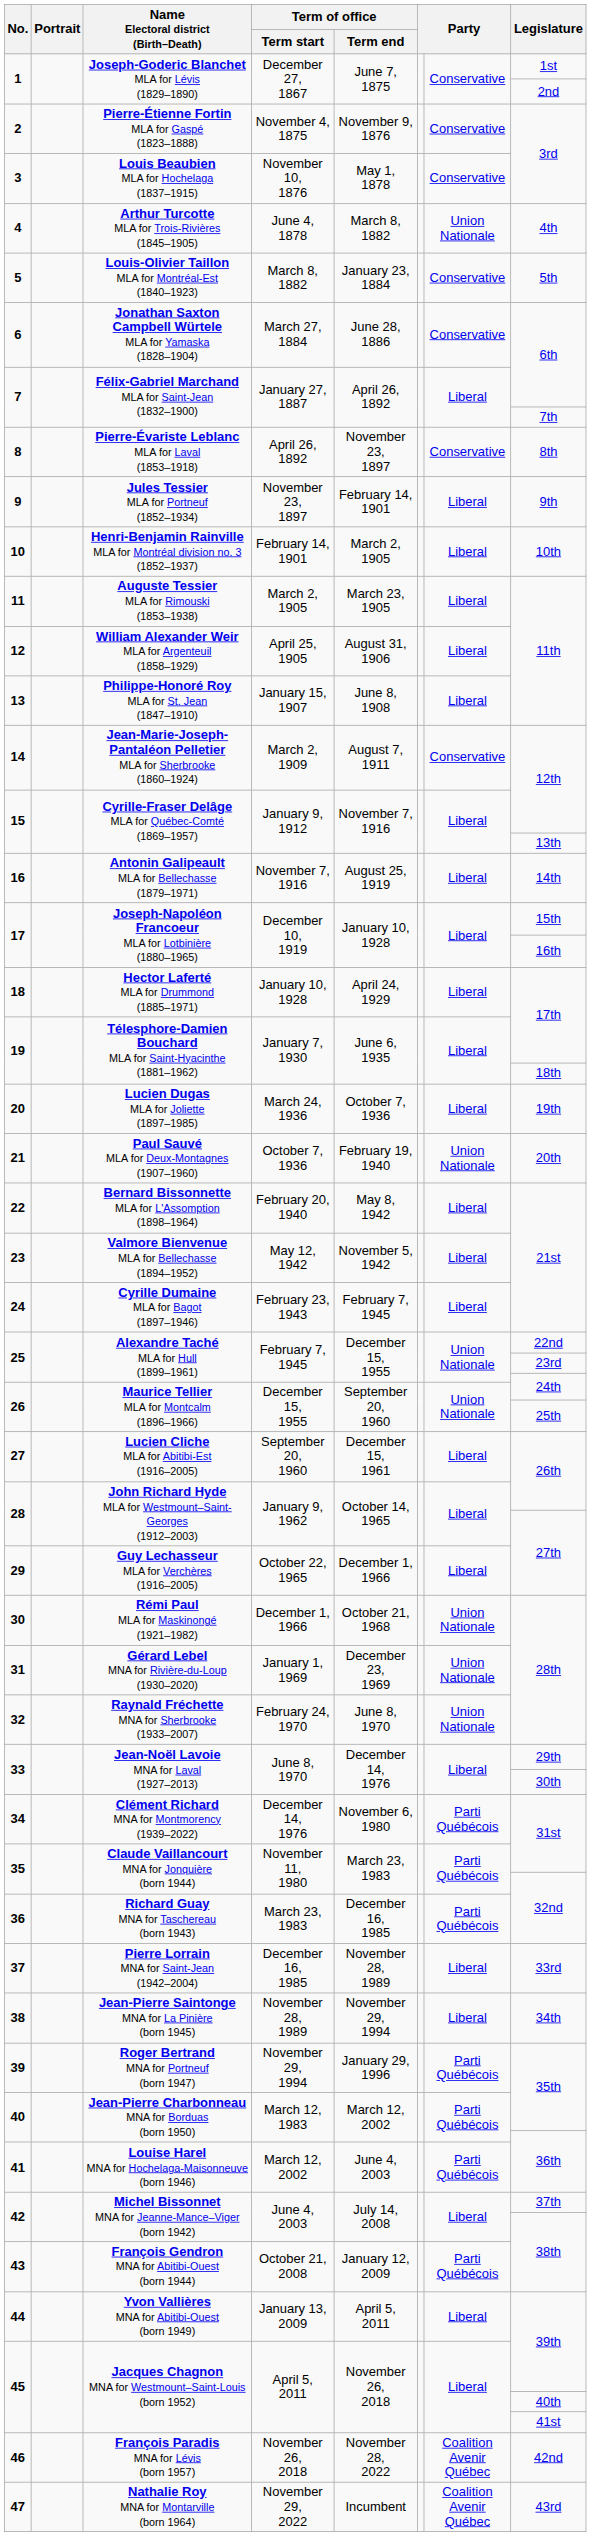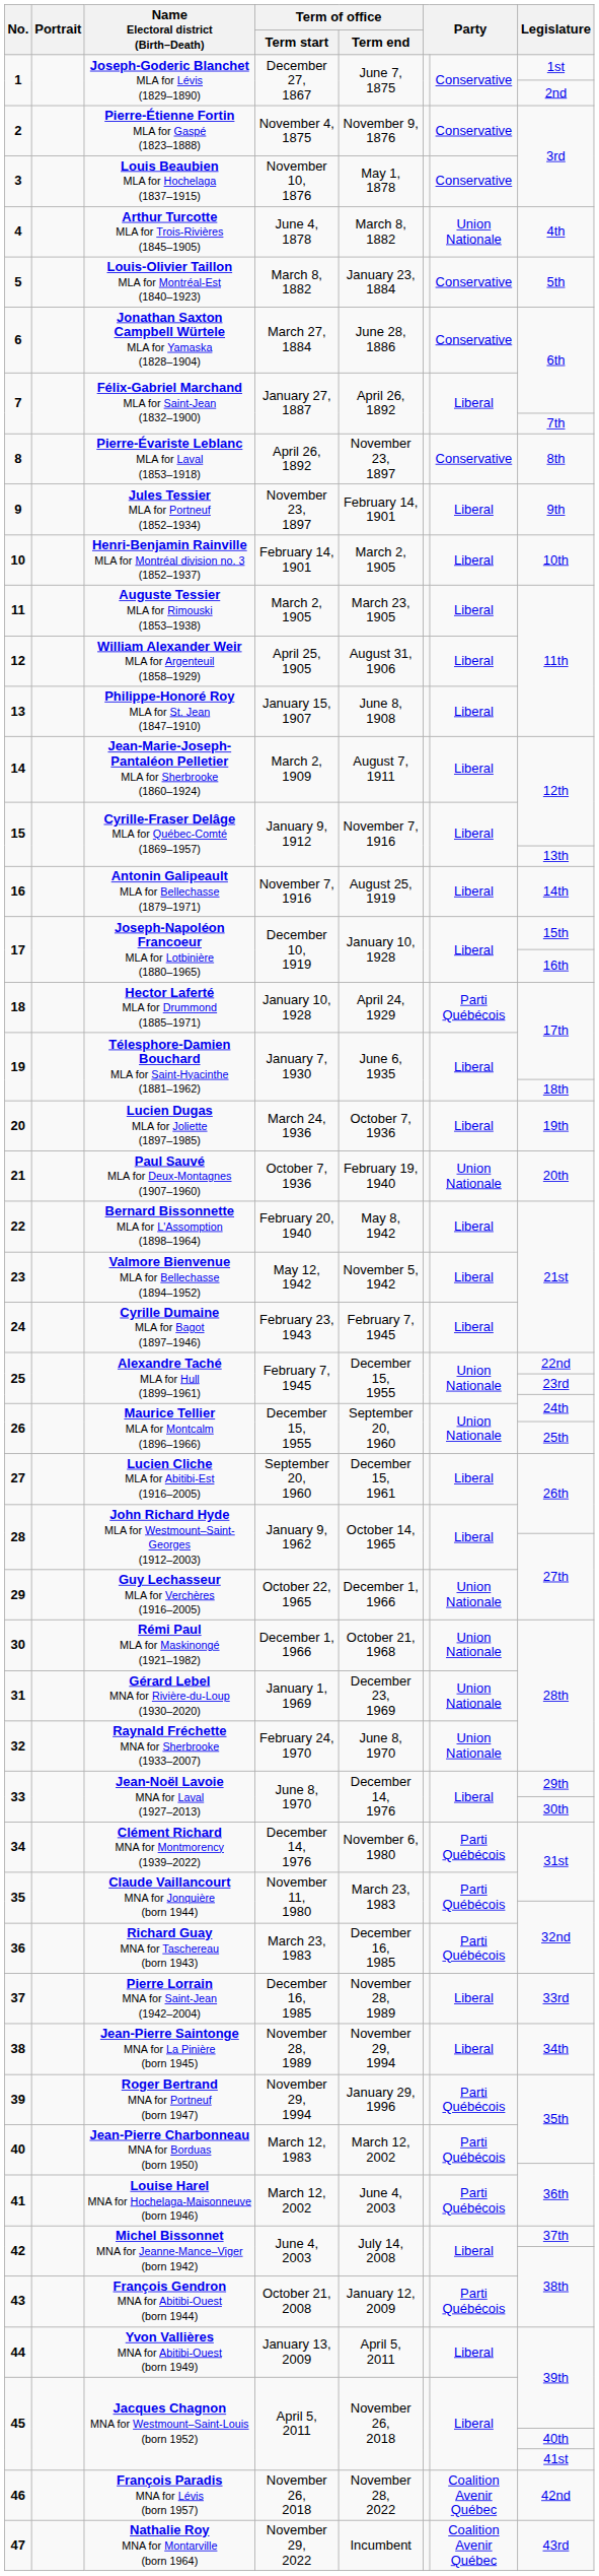 <table class="wikitable" style="text-align:center">
 <tr>
 <th rowspan="2">No.</th>
 <th rowspan="2" scope="col">Portrait</th>
 <th rowspan="2" scope="col" width="200px">Name<br><small>Electoral district<br>(Birth–Death)</small></th>
 <th colspan="2" scope="col" width="100px">Term of office</th>
 <th colspan="2" rowspan="2">Party</th>
 <th rowspan="2">Legislature</th>
 </tr>
 <tr>
 <th width="95px">Term start</th>
 <th width="95px">Term end</th>
 </tr>
 <tr>
 <td rowspan="2"><strong>1</strong></td>
 <td rowspan="2"></td>
 <td rowspan="2"><strong><a href='#'>Joseph-Goderic Blanchet</a></strong><br><small>MLA for <a href='#'>Lévis</a></small><br><small>(1829–1890)</small></td>
 <td rowspan="2">December 27,<br>1867</td>
 <td rowspan="2">June 7,<br>1875</td>
 <td rowspan="2" style="width:1px; background:"></td>
 <td rowspan="2" width="100px"><a href='#'>Conservative</a></td>
 <td><a href='#'>1st</a></td>
 </tr>
 <tr>
 <td><a href='#'>2nd</a></td>
 </tr>
 <tr>
 <td><strong>2</strong></td>
 <td></td>
 <td><strong><a href='#'>Pierre-Étienne Fortin</a></strong><br><small>MLA for <a href='#'>Gaspé</a></small><br><small>(1823–1888)</small></td>
 <td>November 4,<br>1875</td>
 <td>November 9,<br>1876</td>
 <td style="width:1px; background:"></td>
 <td><a href='#'>Conservative</a></td>
 <td rowspan="2"><a href='#'>3rd</a></td>
 </tr>
 <tr>
 <td><strong>3</strong></td>
 <td></td>
 <td><strong><a href='#'>Louis Beaubien</a></strong><br><small>MLA for <a href='#'>Hochelaga</a></small><br><small>(1837–1915)</small></td>
 <td>November 10,<br>1876</td>
 <td>May 1,<br>1878</td>
 <td style="width:1px; background:"></td>
 <td><a href='#'>Conservative</a></td>
 </tr>
 <tr>
 <td><strong>4</strong></td>
 <td></td>
 <td><strong><a href='#'>Arthur Turcotte</a></strong><br><small>MLA for <a href='#'>Trois-Rivières</a></small><br><small>(1845–1905)</small></td>
 <td>June 4,<br>1878</td>
 <td>March 8,<br>1882</td>
 <td style="width:1px; background:"></td>
 <td><a href='#'>Union Nationale</a></td>
 <td><a href='#'>4th</a></td>
 </tr>
 <tr>
 <td><strong>5</strong></td>
 <td></td>
 <td><strong><a href='#'>Louis-Olivier Taillon</a></strong><br><small>MLA for <a href='#'>Montréal-Est</a></small><br><small>(1840–1923)</small></td>
 <td>March 8,<br>1882</td>
 <td>January 23,<br>1884</td>
 <td style="width:1px; background:"></td>
 <td><a href='#'>Conservative</a></td>
 <td><a href='#'>5th</a></td>
 </tr>
 <tr>
 <td><strong>6</strong></td>
 <td></td>
 <td><strong><a href='#'>Jonathan Saxton Campbell Würtele</a></strong><br><small>MLA for <a href='#'>Yamaska</a></small><br><small>(1828–1904)</small></td>
 <td>March 27,<br>1884</td>
 <td>June 28,<br>1886</td>
 <td style="width:1px; background:"></td>
 <td><a href='#'>Conservative</a></td>
 <td rowspan="2"><a href='#'>6th</a></td>
 </tr>
 <tr style="height:49px">
 <td rowspan="2"><strong>7</strong></td>
 <td rowspan="2"></td>
 <td rowspan="2"><strong><a href='#'>Félix-Gabriel Marchand</a></strong><br><small>MLA for <a href='#'>Saint-Jean</a></small><br><small>(1832–1900)</small></td>
 <td rowspan="2">January 27,<br>1887</td>
 <td rowspan="2">April 26,<br>1892</td>
 <td rowspan="2" style="width:1px; background:"></td>
 <td rowspan="2"><a href='#'>Liberal</a></td>
 </tr>
 <tr>
 <td><a href='#'>7th</a></td>
 </tr>
 <tr>
 <td><strong>8</strong></td>
 <td></td>
 <td><strong><a href='#'>Pierre-Évariste Leblanc</a></strong><br><small>MLA for <a href='#'>Laval</a></small><br><small>(1853–1918)</small></td>
 <td>April 26,<br>1892</td>
 <td>November 23,<br>1897</td>
 <td style="width:1px; background:"></td>
 <td><a href='#'>Conservative</a></td>
 <td><a href='#'>8th</a></td>
 </tr>
 <tr>
 <td><strong>9</strong></td>
 <td></td>
 <td><strong><a href='#'>Jules Tessier</a></strong><br><small>MLA for <a href='#'>Portneuf</a></small><br><small>(1852–1934)</small></td>
 <td>November 23,<br>1897</td>
 <td>February 14,<br>1901</td>
 <td style="width:1px; background:"></td>
 <td><a href='#'>Liberal</a></td>
 <td><a href='#'>9th</a></td>
 </tr>
 <tr>
 <td><strong>10</strong></td>
 <td></td>
 <td><strong><a href='#'>Henri-Benjamin Rainville</a></strong><br><small>MLA for <a href='#'>Montréal division no. 3</a></small><br><small>(1852–1937)</small></td>
 <td>February 14,<br>1901</td>
 <td>March 2,<br>1905</td>
 <td style="width:1px; background:"></td>
 <td><a href='#'>Liberal</a></td>
 <td><a href='#'>10th</a></td>
 </tr>
 <tr>
 <td><strong>11</strong></td>
 <td></td>
 <td><strong><a href='#'>Auguste Tessier</a></strong><br><small>MLA for <a href='#'>Rimouski</a></small><br><small>(1853–1938)</small></td>
 <td>March 2,<br>1905</td>
 <td>March 23,<br>1905</td>
 <td style="width:1px; background:"></td>
 <td><a href='#'>Liberal</a></td>
 <td rowspan="3"><a href='#'>11th</a></td>
 </tr>
 <tr>
 <td><strong>12</strong></td>
 <td></td>
 <td><strong><a href='#'>William Alexander Weir</a></strong><br><small>MLA for <a href='#'>Argenteuil</a></small><br><small>(1858–1929)</small></td>
 <td>April 25,<br>1905</td>
 <td>August 31,<br>1906</td>
 <td style="width:1px; background:"></td>
 <td><a href='#'>Liberal</a></td>
 </tr>
 <tr>
 <td><strong>13</strong></td>
 <td></td>
 <td><strong><a href='#'>Philippe-Honoré Roy</a></strong><br><small>MLA for <a href='#'>St. Jean</a></small><br><small>(1847–1910)</small></td>
 <td>January 15,<br>1907</td>
 <td>June 8,<br>1908</td>
 <td style="width:1px; background:"></td>
 <td><a href='#'>Liberal</a></td>
 </tr>
 <tr>
 <td><strong>14</strong></td>
 <td></td>
 <td><strong><a href='#'>Jean-Marie-Joseph-Pantaléon Pelletier</a></strong><br><small>MLA for <a href='#'>Sherbrooke</a></small><br><small>(1860–1924)</small></td>
 <td>March 2,<br>1909</td>
 <td>August 7,<br>1911</td>
 <td style="width:1px; background:"></td>
-<td><a href='#'>Conservative</a></td>
+<td><a href='#'>Liberal</a></td>
 <td rowspan="2"><a href='#'>12th</a></td>
 </tr>
 <tr style="height:53px">
 <td rowspan="2"><strong>15</strong></td>
 <td rowspan="2"></td>
 <td rowspan="2"><strong><a href='#'>Cyrille-Fraser Delâge</a></strong><br><small>MLA for <a href='#'>Québec-Comté</a></small><br><small>(1869–1957)</small></td>
 <td rowspan="2">January 9,<br>1912</td>
 <td rowspan="2">November 7,<br>1916</td>
 <td rowspan="2" style="width:1px; background:"></td>
 <td rowspan="2"><a href='#'>Liberal</a></td>
 </tr>
 <tr>
 <td><a href='#'>13th</a></td>
 </tr>
 <tr>
 <td><strong>16</strong></td>
 <td></td>
 <td><strong><a href='#'>Antonin Galipeault</a></strong><br><small>MLA for <a href='#'>Bellechasse</a></small><br><small>(1879–1971)</small></td>
 <td>November 7,<br>1916</td>
 <td>August 25,<br>1919</td>
 <td style="width:1px; background:"></td>
 <td><a href='#'>Liberal</a></td>
 <td><a href='#'>14th</a></td>
 </tr>
 <tr>
 <td rowspan="2"><strong>17</strong></td>
 <td rowspan="2"></td>
 <td rowspan="2"><strong><a href='#'>Joseph-Napoléon Francoeur</a></strong><br><small>MLA for <a href='#'>Lotbinière</a></small><br><small>(1880–1965)</small></td>
 <td rowspan="2">December 10,<br>1919</td>
 <td rowspan="2">January 10,<br>1928</td>
 <td rowspan="2" style="width:1px; background:"></td>
 <td rowspan="2"><a href='#'>Liberal</a></td>
 <td><a href='#'>15th</a></td>
 </tr>
 <tr>
 <td><a href='#'>16th</a></td>
 </tr>
 <tr>
 <td><strong>18</strong></td>
 <td></td>
 <td><strong><a href='#'>Hector Laferté</a></strong><br><small>MLA for <a href='#'>Drummond</a></small><br><small>(1885–1971)</small></td>
 <td>January 10,<br>1928</td>
 <td>April 24,<br>1929</td>
 <td style="width:1px; background:"></td>
-<td><a href='#'>Liberal</a></td>
+<td><a href='#'>Parti Québécois</a></td>
 <td rowspan="2"><a href='#'>17th</a></td>
 </tr>
 <tr style="height:57px">
 <td rowspan="2"><strong>19</strong></td>
 <td rowspan="2"></td>
 <td rowspan="2"><strong><a href='#'>Télesphore-Damien Bouchard</a></strong><br><small>MLA for <a href='#'>Saint-Hyacinthe</a></small><br><small>(1881–1962)</small></td>
 <td rowspan="2">January 7,<br>1930</td>
 <td rowspan="2">June 6,<br>1935</td>
 <td rowspan="2" style="width:1px; background:"></td>
 <td rowspan="2"><a href='#'>Liberal</a></td>
 </tr>
 <tr>
 <td><a href='#'>18th</a></td>
 </tr>
 <tr>
 <td><strong>20</strong></td>
 <td></td>
 <td><strong><a href='#'>Lucien Dugas</a></strong><br><small>MLA for <a href='#'>Joliette</a></small><br><small>(1897–1985)</small></td>
 <td>March 24,<br>1936</td>
 <td>October 7,<br>1936</td>
 <td style="width:1px; background:"></td>
 <td><a href='#'>Liberal</a></td>
 <td><a href='#'>19th</a></td>
 </tr>
 <tr>
 <td><strong>21</strong></td>
 <td></td>
 <td><strong><a href='#'>Paul Sauvé</a></strong><br><small>MLA for <a href='#'>Deux-Montagnes</a></small><br><small>(1907–1960)</small></td>
 <td>October 7,<br>1936</td>
 <td>February 19,<br>1940</td>
 <td style="width:1px; background:"></td>
 <td><a href='#'>Union Nationale</a></td>
 <td><a href='#'>20th</a></td>
 </tr>
 <tr>
 <td><strong>22</strong></td>
 <td></td>
 <td><strong><a href='#'>Bernard Bissonnette</a></strong><br><small>MLA for <a href='#'>L'Assomption</a></small><br><small>(1898–1964)</small></td>
 <td>February 20,<br>1940</td>
 <td>May 8,<br>1942</td>
 <td style="width:1px; background:"></td>
 <td><a href='#'>Liberal</a></td>
 <td rowspan="3"><a href='#'>21st</a></td>
 </tr>
 <tr>
 <td><strong>23</strong></td>
 <td></td>
 <td><strong><a href='#'>Valmore Bienvenue</a></strong><br><small>MLA for <a href='#'>Bellechasse</a></small><br><small>(1894–1952)</small></td>
 <td>May 12,<br>1942</td>
 <td>November 5,<br>1942</td>
 <td style="width:1px; background:"></td>
 <td><a href='#'>Liberal</a></td>
 </tr>
 <tr>
 <td><strong>24</strong></td>
 <td></td>
 <td><strong><a href='#'>Cyrille Dumaine</a></strong><br><small>MLA for <a href='#'>Bagot</a></small><br><small>(1897–1946)</small></td>
 <td>February 23,<br>1943</td>
 <td>February 7,<br>1945</td>
 <td style="width:1px; background:"></td>
 <td><a href='#'>Liberal</a></td>
 </tr>
 <tr>
 <td rowspan="3"><strong>25</strong></td>
 <td rowspan="3"></td>
 <td rowspan="3"><a href='#'><strong>Alexandre Taché</strong></a><br><small>MLA for <a href='#'>Hull</a></small><br><small>(1899–1961)</small></td>
 <td rowspan="3">February 7,<br>1945</td>
 <td rowspan="3">December 15,<br>1955</td>
 <td rowspan="3" style="width:1px; background:"></td>
 <td rowspan="3"><a href='#'>Union Nationale</a></td>
 <td><a href='#'>22nd</a></td>
 </tr>
 <tr>
 <td><a href='#'>23rd</a></td>
 </tr>
 <tr>
 <td rowspan="2"><a href='#'>24th</a></td>
 </tr>
 <tr>
 <td rowspan="2"><strong>26</strong></td>
 <td rowspan="2"></td>
 <td rowspan="2"><strong><a href='#'>Maurice Tellier</a></strong><br><small>MLA for <a href='#'>Montcalm</a></small><br><small>(1896–1966)</small></td>
 <td rowspan="2">December 15,<br>1955</td>
 <td rowspan="2">September 20,<br>1960</td>
 <td rowspan="2" style="width:1px; background:"></td>
 <td rowspan="2"><a href='#'>Union Nationale</a></td>
 </tr>
 <tr>
 <td><a href='#'>25th</a></td>
 </tr>
 <tr>
 <td><strong>27</strong></td>
 <td></td>
 <td><strong><a href='#'>Lucien Cliche</a></strong><br><small>MLA for <a href='#'>Abitibi-Est</a></small><br><small>(1916–2005)</small></td>
 <td>September 20,<br>1960</td>
 <td>December 15,<br>1961</td>
 <td style="width:1px; background:"></td>
 <td><a href='#'>Liberal</a></td>
 <td rowspan="2"><a href='#'>26th</a></td>
 </tr>
 <tr style="height:35px">
 <td rowspan="2"><strong>28</strong></td>
 <td rowspan="2"></td>
 <td rowspan="2"><strong><a href='#'>John Richard Hyde</a></strong><br><small>MLA for <a href='#'>Westmount–Saint-Georges</a></small><br><small>(1912–2003)</small></td>
 <td rowspan="2">January 9,<br>1962</td>
 <td rowspan="2">October 14,<br>1965</td>
 <td rowspan="2" style="width:1px; background:"></td>
 <td rowspan="2"><a href='#'>Liberal</a></td>
 </tr>
 <tr>
 <td rowspan="2"><a href='#'>27th</a></td>
 </tr>
 <tr>
 <td><strong>29</strong></td>
 <td></td>
 <td><strong><a href='#'>Guy Lechasseur</a></strong><br><small>MLA for <a href='#'>Verchères</a></small><br><small>(1916–2005)</small></td>
 <td>October 22,<br>1965</td>
 <td>December 1,<br>1966</td>
 <td style="width:1px; background:"></td>
-<td><a href='#'>Liberal</a></td>
+<td><a href='#'>Union Nationale</a></td>
 </tr>
 <tr>
 <td><strong>30</strong></td>
 <td></td>
 <td><strong><a href='#'>Rémi Paul</a></strong><br><small>MLA for <a href='#'>Maskinongé</a></small><br><small>(1921–1982)</small></td>
 <td>December 1,<br>1966</td>
 <td>October 21,<br>1968</td>
 <td style="width:1px; background:"></td>
 <td><a href='#'>Union Nationale</a></td>
 <td rowspan="3"><a href='#'>28th</a></td>
 </tr>
 <tr>
 <td><strong>31</strong></td>
 <td></td>
 <td><strong><a href='#'>Gérard Lebel</a></strong><br><small>MNA for <a href='#'>Rivière-du-Loup</a></small><br><small>(1930–2020)</small></td>
 <td>January 1,<br>1969</td>
 <td>December 23,<br>1969</td>
 <td style="width:1px; background:"></td>
 <td><a href='#'>Union Nationale</a></td>
 </tr>
 <tr>
 <td><strong>32</strong></td>
 <td></td>
 <td><strong><a href='#'>Raynald Fréchette</a></strong><br><small>MNA for <a href='#'>Sherbrooke</a></small><br><small>(1933–2007)</small></td>
 <td>February 24,<br>1970</td>
 <td>June 8,<br>1970</td>
 <td style="width:1px; background:"></td>
 <td><a href='#'>Union Nationale</a></td>
 </tr>
 <tr>
 <td rowspan="2"><strong>33</strong></td>
 <td rowspan="2"></td>
 <td rowspan="2"><strong><a href='#'>Jean-Noël Lavoie</a></strong><br><small>MNA for <a href='#'>Laval</a></small><br><small>(1927–2013)</small></td>
 <td rowspan="2">June 8,<br>1970</td>
 <td rowspan="2">December 14,<br>1976</td>
 <td rowspan="2" style="width:1px; background:"></td>
 <td rowspan="2"><a href='#'>Liberal</a></td>
 <td><a href='#'>29th</a></td>
 </tr>
 <tr>
 <td><a href='#'>30th</a></td>
 </tr>
 <tr>
 <td><strong>34</strong></td>
 <td></td>
 <td><strong><a href='#'>Clément Richard</a></strong><br><small>MNA for <a href='#'>Montmorency</a></small><br><small>(1939–2022)</small></td>
 <td>December 14,<br>1976</td>
 <td>November 6,<br>1980</td>
 <td style="width:1px; background:"></td>
 <td><a href='#'>Parti Québécois</a></td>
 <td rowspan="2"><a href='#'>31st</a></td>
 </tr>
 <tr style="height:35px">
 <td rowspan="2"><strong>35</strong></td>
 <td rowspan="2"></td>
 <td rowspan="2"><strong><a href='#'>Claude Vaillancourt</a></strong><br><small>MNA for <a href='#'>Jonquière</a></small><br><small>(born 1944)</small></td>
 <td rowspan="2">November 11,<br>1980</td>
 <td rowspan="2">March 23,<br>1983</td>
 <td rowspan="2" style="width:1px; background:"></td>
 <td rowspan="2"><a href='#'>Parti Québécois</a></td>
 </tr>
 <tr>
 <td rowspan="2"><a href='#'>32nd</a></td>
 </tr>
 <tr>
 <td><strong>36</strong></td>
 <td></td>
 <td><a href='#'><strong>Richard Guay</strong></a><br><small>MNA for <a href='#'>Taschereau</a></small><br><small>(born 1943)</small></td>
 <td>March 23,<br>1983</td>
 <td>December 16,<br>1985</td>
 <td style="width:1px; background:"></td>
 <td><a href='#'>Parti Québécois</a></td>
 </tr>
 <tr>
 <td><strong>37</strong></td>
 <td></td>
 <td><strong><a href='#'>Pierre Lorrain</a></strong><br><small>MNA for <a href='#'>Saint-Jean</a></small><br><small>(1942–2004)</small></td>
 <td>December 16,<br>1985</td>
 <td>November 28,<br>1989</td>
 <td style="width:1px; background:"></td>
 <td><a href='#'>Liberal</a></td>
 <td><a href='#'>33rd</a></td>
 </tr>
 <tr>
 <td><strong>38</strong></td>
 <td></td>
 <td><strong><a href='#'>Jean-Pierre Saintonge</a></strong><br><small>MNA for <a href='#'>La Pinière</a></small><br><small>(born 1945)</small></td>
 <td>November 28,<br>1989</td>
 <td>November 29,<br>1994</td>
 <td style="width:1px; background:"></td>
 <td><a href='#'>Liberal</a></td>
 <td><a href='#'>34th</a></td>
 </tr>
 <tr>
 <td><strong>39</strong></td>
 <td></td>
 <td><strong><a href='#'>Roger Bertrand</a></strong><br><small>MNA for <a href='#'>Portneuf</a></small><br><small>(born 1947)</small></td>
 <td>November 29,<br>1994</td>
 <td>January 29,<br>1996</td>
 <td style="width:1px; background:"></td>
 <td><a href='#'>Parti Québécois</a></td>
 <td rowspan="2"><a href='#'>35th</a></td>
 </tr>
 <tr style="height:47px">
 <td rowspan="2"><strong>40</strong></td>
 <td rowspan="2"></td>
 <td rowspan="2"><strong><a href='#'>Jean-Pierre Charbonneau</a></strong><br><small>MNA for <a href='#'>Borduas</a></small><br><small>(born 1950)</small></td>
 <td rowspan="2">March 12,<br>1983</td>
 <td rowspan="2">March 12,<br>2002</td>
 <td rowspan="2" style="width:1px; background:"></td>
 <td rowspan="2"><a href='#'>Parti Québécois</a></td>
 </tr>
 <tr>
 <td rowspan="2"><a href='#'>36th</a></td>
 </tr>
 <tr>
 <td><strong>41</strong></td>
 <td></td>
 <td><strong><a href='#'>Louise Harel</a></strong><br><small>MNA for <a href='#'>Hochelaga-Maisonneuve</a></small><br><small>(born 1946)</small></td>
 <td>March 12,<br>2002</td>
 <td>June 4,<br>2003</td>
 <td style="width:1px; background:"></td>
 <td><a href='#'>Parti Québécois</a></td>
 </tr>
 <tr>
 <td rowspan="2"><strong>42</strong></td>
 <td rowspan="2"></td>
 <td rowspan="2"><strong><a href='#'>Michel Bissonnet</a></strong><br><small>MNA for <a href='#'>Jeanne-Mance–Viger</a></small><br><small>(born 1942)</small></td>
 <td rowspan="2">June 4,<br>2003</td>
 <td rowspan="2">July 14,<br>2008</td>
 <td rowspan="2" style="width:1px; background:"></td>
 <td rowspan="2"><a href='#'>Liberal</a></td>
 <td><a href='#'>37th</a></td>
 </tr>
 <tr>
 <td rowspan="2"><a href='#'>38th</a></td>
 </tr>
 <tr>
 <td><strong>43</strong></td>
 <td></td>
 <td><strong><a href='#'>François Gendron</a></strong><br><small>MNA for <a href='#'>Abitibi-Ouest</a></small><br><small>(born 1944)</small></td>
 <td>October 21,<br>2008</td>
 <td>January 12,<br>2009</td>
 <td style="width:1px; background:"></td>
 <td><a href='#'>Parti Québécois</a></td>
 </tr>
 <tr>
 <td><strong>44</strong></td>
 <td></td>
 <td><strong><a href='#'>Yvon Vallières</a></strong><br><small>MNA for <a href='#'>Abitibi-Ouest</a></small><br><small>(born 1949)</small></td>
 <td>January 13,<br>2009</td>
 <td>April 5,<br>2011</td>
 <td style="width:1px; background:"></td>
 <td><a href='#'>Liberal</a></td>
 <td rowspan="2"><a href='#'>39th</a></td>
 </tr>
 <tr style="height:62px">
 <td rowspan="3"><strong>45</strong></td>
 <td rowspan="3"></td>
 <td rowspan="3"><strong><a href='#'>Jacques Chagnon</a></strong><br><small>MNA for <a href='#'>Westmount–Saint-Louis</a></small><br><small>(born 1952)</small></td>
 <td rowspan="3">April 5,<br>2011</td>
 <td rowspan="3">November 26,<br>2018</td>
 <td rowspan="3" style="width:1px; background:"></td>
 <td rowspan="3"><a href='#'>Liberal</a></td>
 </tr>
 <tr>
 <td><a href='#'>40th</a></td>
 </tr>
 <tr>
 <td><a href='#'>41st</a></td>
 </tr>
 <tr>
 <td><strong>46</strong></td>
 <td></td>
 <td><strong><a href='#'>François Paradis</a></strong><br><small>MNA for <a href='#'>Lévis</a></small><br><small>(born 1957)</small></td>
 <td>November 26,<br>2018</td>
 <td>November 28,<br>2022</td>
 <td style="width:1px; background:"></td>
 <td><a href='#'>Coalition Avenir Québec</a></td>
 <td><a href='#'>42nd</a></td>
 </tr>
 <tr>
 <td><strong>47</strong></td>
 <td></td>
 <td><strong><a href='#'>Nathalie Roy</a></strong><br><small>MNA for <a href='#'>Montarville</a></small><br><small>(born 1964)</small></td>
 <td>November 29,<br>2022</td>
 <td>Incumbent</td>
 <td style="width:1px; background:"></td>
 <td><a href='#'>Coalition Avenir Québec</a></td>
 <td><a href='#'>43rd</a></td>
 </tr>
 </table>
